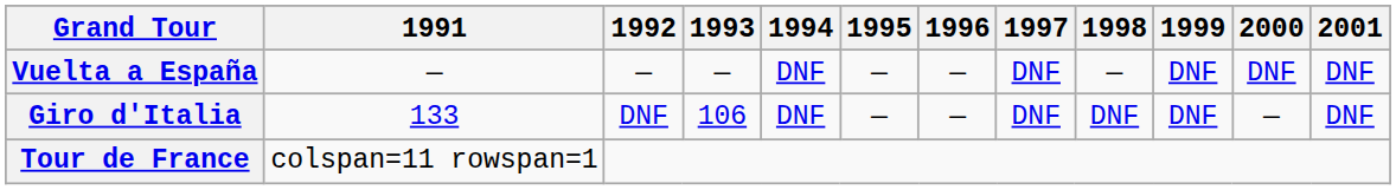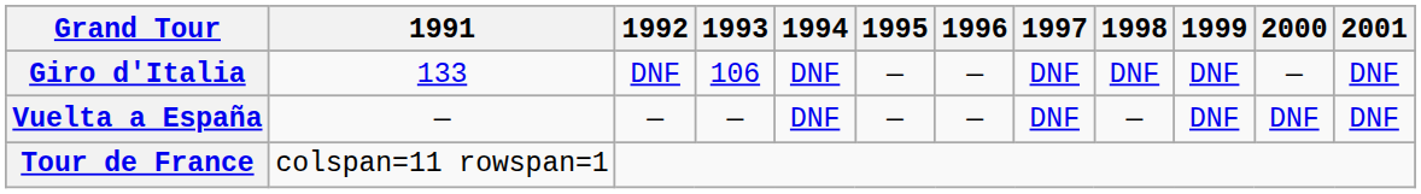 <table class="wikitable plainrowheaders">
 <tr>
 <th scope="col"><a href='#'>Grand Tour</a></th>
 <th scope="col">1991</th>
 <th scope="col">1992</th>
 <th scope="col">1993</th>
 <th scope="col">1994</th>
 <th scope="col">1995</th>
 <th scope="col">1996</th>
 <th scope="col">1997</th>
 <th scope="col">1998</th>
 <th scope="col">1999</th>
 <th scope="col">2000</th>
 <th scope="col">2001</th>
 </tr>
 <tr style="text-align:center;">
+<th scope="row"> <a href='#'>Giro d'Italia</a></th>
+<td><a href='#'>133</a></td>
+<td><a href='#'>DNF</a></td>
+<td><a href='#'>106</a></td>
+<td><a href='#'>DNF</a></td>
+<td>—</td>
+<td>—</td>
+<td><a href='#'>DNF</a></td>
+<td><a href='#'>DNF</a></td>
+<td><a href='#'>DNF</a></td>
+<td>—</td>
+<td><a href='#'>DNF</a></td>
+</tr>
+<tr style="text-align:center;">
 <th scope="row"> <a href='#'>Vuelta a España</a></th>
 <td>—</td>
 <td>—</td>
 <td>—</td>
 <td><a href='#'>DNF</a></td>
 <td>—</td>
 <td>—</td>
 <td><a href='#'>DNF</a></td>
 <td>—</td>
 <td><a href='#'>DNF</a></td>
 <td><a href='#'>DNF</a></td>
 <td><a href='#'>DNF</a></td>
 </tr>
 <tr style="text-align:center;">
-<th scope="row"> <a href='#'>Giro d'Italia</a></th>
-<td><a href='#'>133</a></td>
-<td><a href='#'>DNF</a></td>
-<td><a href='#'>106</a></td>
-<td><a href='#'>DNF</a></td>
-<td>—</td>
-<td>—</td>
-<td><a href='#'>DNF</a></td>
-<td><a href='#'>DNF</a></td>
-<td><a href='#'>DNF</a></td>
-<td>—</td>
-<td><a href='#'>DNF</a></td>
-</tr>
-<tr style="text-align:center;">
 <th scope="row"> <a href='#'>Tour de France</a></th>
 <td>colspan=11 rowspan=1 </td>
 </tr>
 </table>
